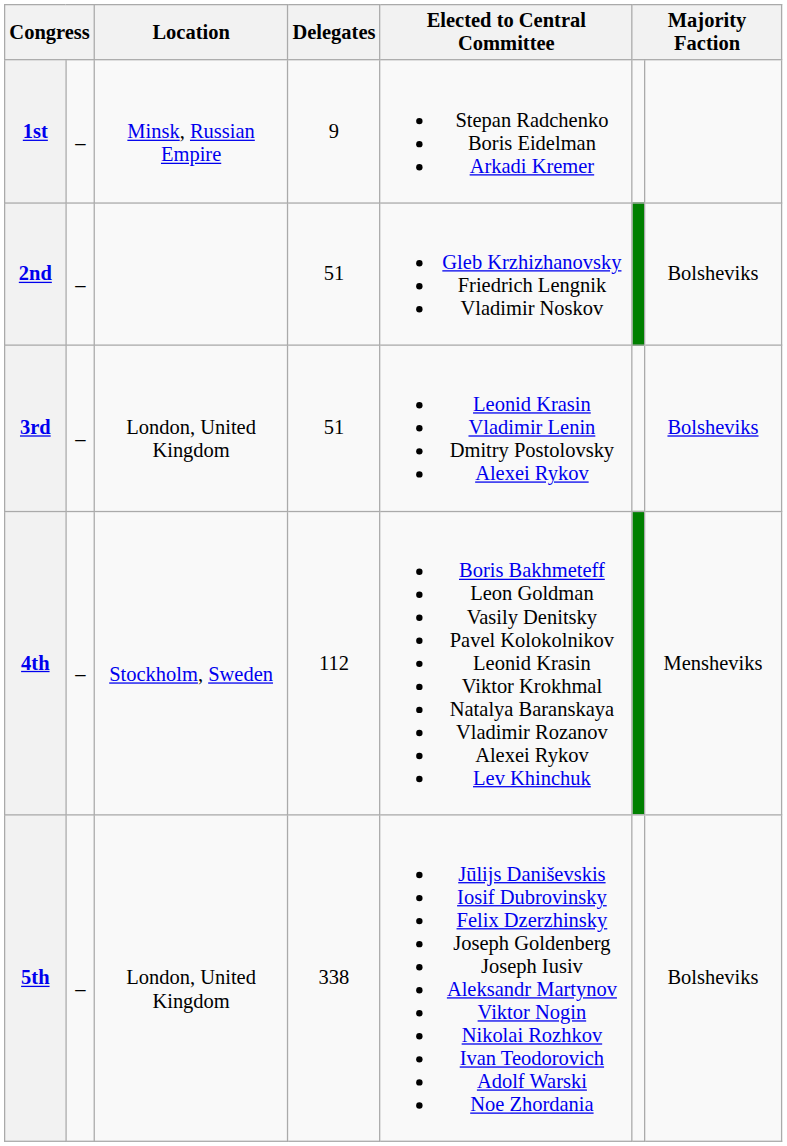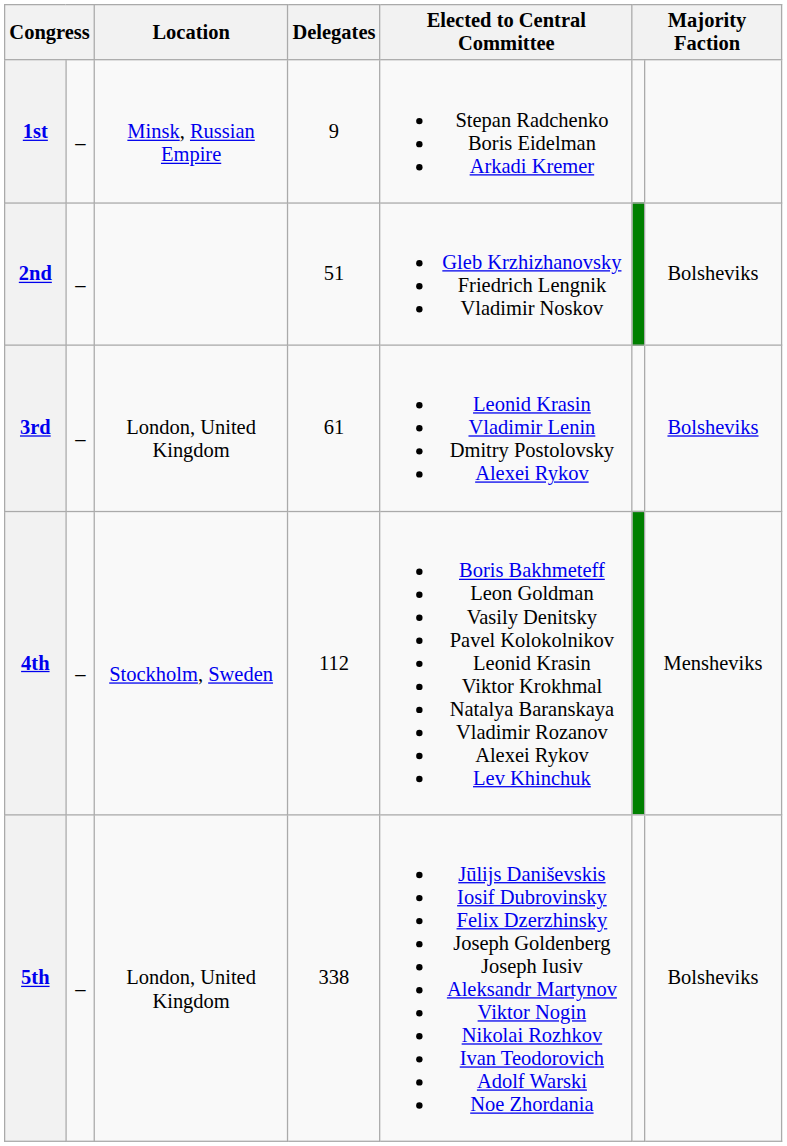 <table class="wikitable" style="text-align:center;">
 <tr>
 <th scope="col" colspan=2>Congress</th>
 <th scope="col">Location</th>
 <th scope="col">Delegates</th>
 <th scope="col">Elected to Central Committee</th>
 <th colspan=2>Majority Faction</th>
 </tr>
 <tr style="height:6em;">
 <th scope="row"><a href='#'>1st</a></th>
 <td><br>–<br></td>
 <td><br><a href='#'>Minsk</a>, <a href='#'>Russian Empire</a></td>
 <td>9</td>
 <td><br><ul><li>Stepan Radchenko</li><li>Boris Eidelman</li><li><a href='#'>Arkadi Kremer</a></li></ul></td>
 <td scope="col" style="background-color: "></td>
 <td></td>
 </tr>
 <tr style="height:6em;">
 <th scope="row"><a href='#'>2nd</a></th>
 <td><br>–<br></td>
 <td> <br></td>
 <td>51</td>
 <td><br><ul><li><a href='#'>Gleb Krzhizhanovsky</a></li><li>Friedrich Lengnik</li><li>Vladimir Noskov</li></ul></td>
 <td scope="col" style="background-color:green; border-bottom:solid 0 gray"></td>
 <td>Bolsheviks</td>
 </tr>
 <tr style="height:6em;">
 <th scope="row"><a href='#'>3rd</a></th>
 <td><br>–<br></td>
 <td><br>London, United Kingdom</td>
-<td>51</td>
+<td>61</td>
 <td><br><ul><li><a href='#'>Leonid Krasin</a></li><li><a href='#'>Vladimir Lenin</a></li><li>Dmitry Postolovsky</li><li><a href='#'>Alexei Rykov</a></li></ul></td>
 <td scope="col" style="background-color:"></td>
 <td><a href='#'>Bolsheviks</a></td>
 </tr>
 <tr style="height:6em;">
 <th scope="row"><a href='#'>4th</a></th>
 <td><br>–<br></td>
 <td><br><a href='#'>Stockholm</a>, <a href='#'>Sweden</a></td>
 <td>112</td>
 <td><br><ul><li><a href='#'>Boris Bakhmeteff</a></li><li>Leon Goldman</li><li>Vasily Denitsky</li><li>Pavel Kolokolnikov</li><li>Leonid Krasin</li><li>Viktor Krokhmal</li><li>Natalya Baranskaya</li><li>Vladimir Rozanov</li><li>Alexei Rykov</li><li><a href='#'>Lev Khinchuk</a></li></ul></td>
 <td scope="col" style="background-color:green; border-bottom:solid 0 gray"></td>
 <td>Mensheviks</td>
 </tr>
 <tr style="height:6em;">
 <th scope="row"><a href='#'>5th</a></th>
 <td><br>–<br></td>
 <td><br>London, United Kingdom</td>
 <td>338</td>
 <td><br><ul><li><a href='#'>Jūlijs Daniševskis</a></li><li><a href='#'>Iosif Dubrovinsky</a></li><li><a href='#'>Felix Dzerzhinsky</a></li><li>Joseph Goldenberg</li><li>Joseph Iusiv</li><li><a href='#'>Aleksandr Martynov</a></li><li><a href='#'>Viktor Nogin</a></li><li><a href='#'>Nikolai Rozhkov</a></li><li><a href='#'>Ivan Teodorovich</a></li><li><a href='#'>Adolf Warski</a></li><li><a href='#'>Noe Zhordania</a></li></ul></td>
 <td scope="col" style="background-color:"></td>
 <td>Bolsheviks</td>
 </tr>
 </table>
